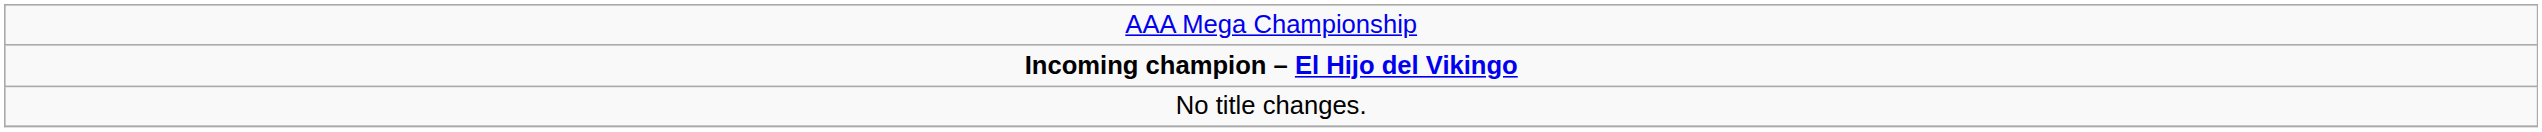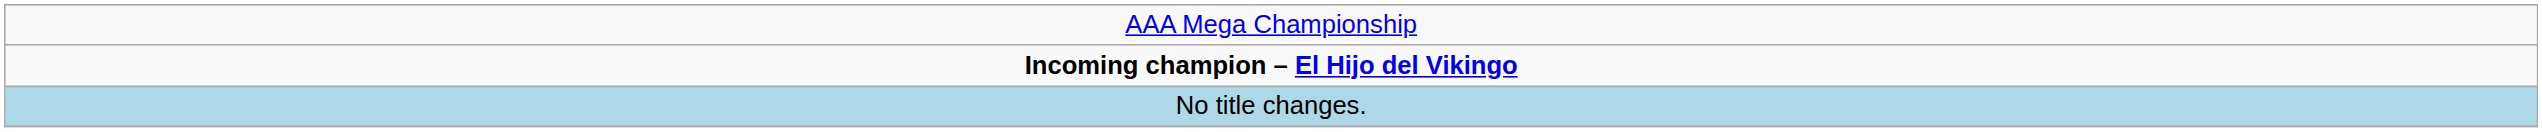 <table class="wikitable" style="text-align:center; width:100%;">
 <tr>
 <td colspan="5" style="text-align: center;"><a href='#'>AAA Mega Championship</a></td>
 </tr>
 <tr>
 <td colspan="5" style="text-align: center;"><strong>Incoming champion – <a href='#'>El Hijo del Vikingo</a></strong></td>
 </tr>
 <tr>
-<td>No title changes.</td>
+<td style="background: lightblue;">No title changes.</td>
 </tr>
 <tr>
 </tr>
 </table>
